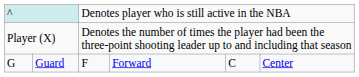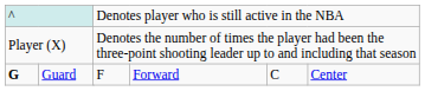 <table class="wikitable">
 <tr>
 <td style="background:#cfecec; width:6em;" colspan="2">^</td>
 <td colspan=5>Denotes player who is still active in the NBA<br></td>
 </tr>
 <tr>
 <td colspan=2>Player (X)</td>
 <td colspan=5>Denotes the number of times the player had been the<br>three-point shooting leader up to and including that season</td>
 </tr>
 <tr>
-<td style="width:2em">G</td>
+<td style="width:2em"><strong>G</strong></td>
 <td colspan=2><a href='#'>Guard</a></td>
 <td>F</td>
 <td><a href='#'>Forward</a></td>
 <td>C</td>
 <td><a href='#'>Center</a></td>
 </tr>
 </table>
